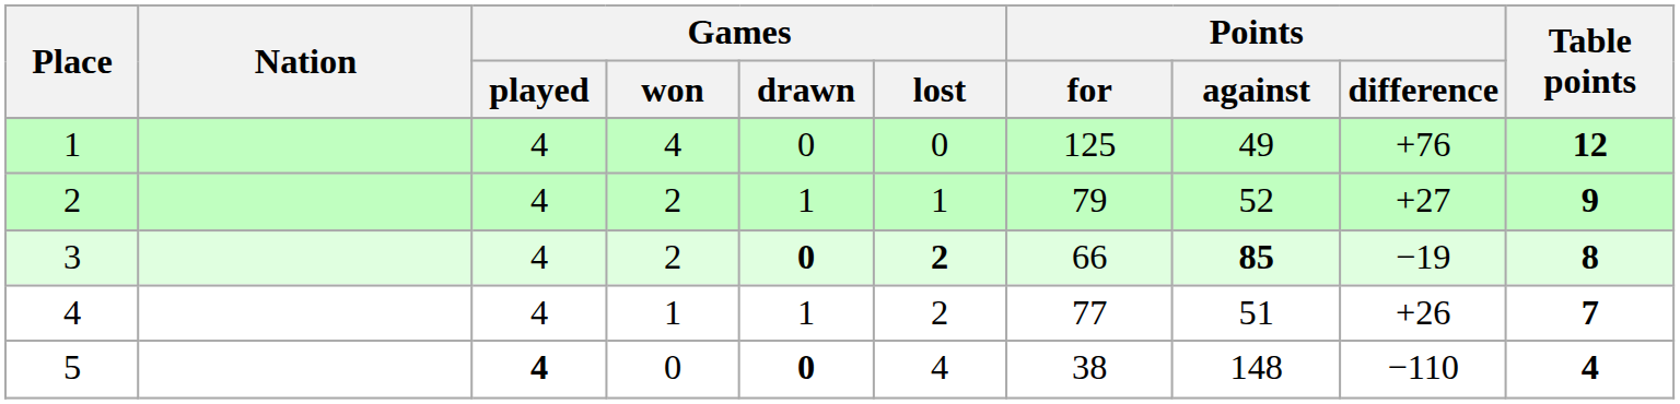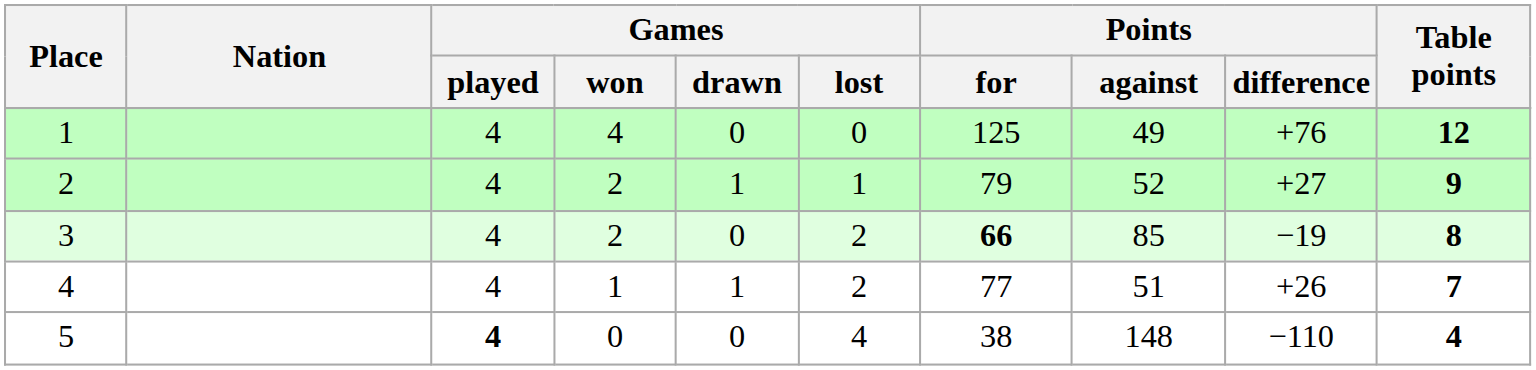 <table class="wikitable">
 <tr>
 <th rowspan=2 width="8%">Place</th>
 <th rowspan=2 width="20%">Nation</th>
 <th colspan=4 width="32%">Games</th>
 <th colspan=3 width="30%">Points</th>
 <th rowspan=2 width="10%">Table<br>points</th>
 </tr>
 <tr>
 <th width="8%">played</th>
 <th width="8%">won</th>
 <th width="8%">drawn</th>
 <th width="8%">lost</th>
 <th width="10%">for</th>
 <th width="10%">against</th>
 <th width="10%">difference</th>
 </tr>
 <tr>
 </tr>
 <tr bgcolor=#C0FFC0 align=center>
 <td>1</td>
 <td align=left></td>
 <td>4</td>
 <td>4</td>
 <td>0</td>
 <td>0</td>
 <td>125</td>
 <td>49</td>
 <td>+76</td>
 <td><strong>12</strong></td>
 </tr>
 <tr bgcolor=#C0FFC0 align=center>
 <td>2</td>
 <td align=left></td>
 <td>4</td>
 <td>2</td>
 <td>1</td>
 <td>1</td>
 <td>79</td>
 <td>52</td>
 <td>+27</td>
 <td><strong>9</strong></td>
 </tr>
 <tr bgcolor=#E0FFE0 align=center>
 <td>3</td>
 <td align=left></td>
 <td>4</td>
 <td>2</td>
-<td><strong>0</strong></td>
-<td><strong>2</strong></td>
-<td>66</td>
-<td><strong>85</strong></td>
+<td>0</td>
+<td>2</td>
+<td><strong>66</strong></td>
+<td>85</td>
 <td>−19</td>
 <td><strong>8</strong></td>
 </tr>
 <tr bgcolor=#ffffff align=center>
 <td>4</td>
 <td align=left></td>
 <td>4</td>
 <td>1</td>
 <td>1</td>
 <td>2</td>
 <td>77</td>
 <td>51</td>
 <td>+26</td>
 <td><strong>7</strong></td>
 </tr>
 <tr bgcolor=#ffffff align=center>
 <td>5</td>
 <td align=left></td>
 <td><strong>4</strong></td>
 <td>0</td>
-<td><strong>0</strong></td>
+<td>0</td>
 <td>4</td>
 <td>38</td>
 <td>148</td>
 <td>−110</td>
 <td><strong>4</strong></td>
 </tr>
 </table>
